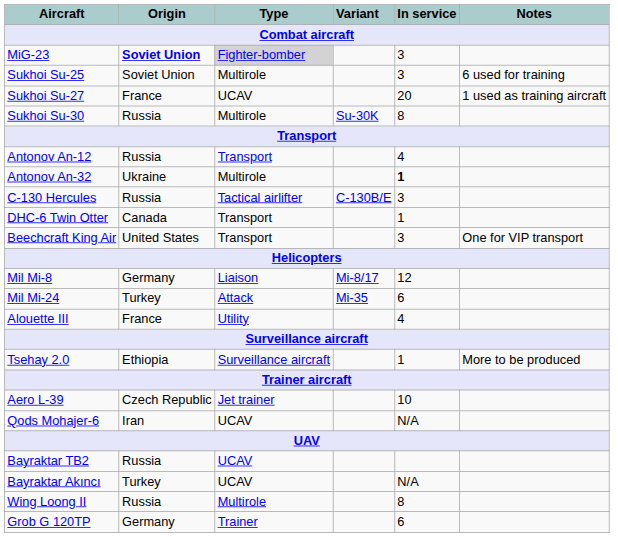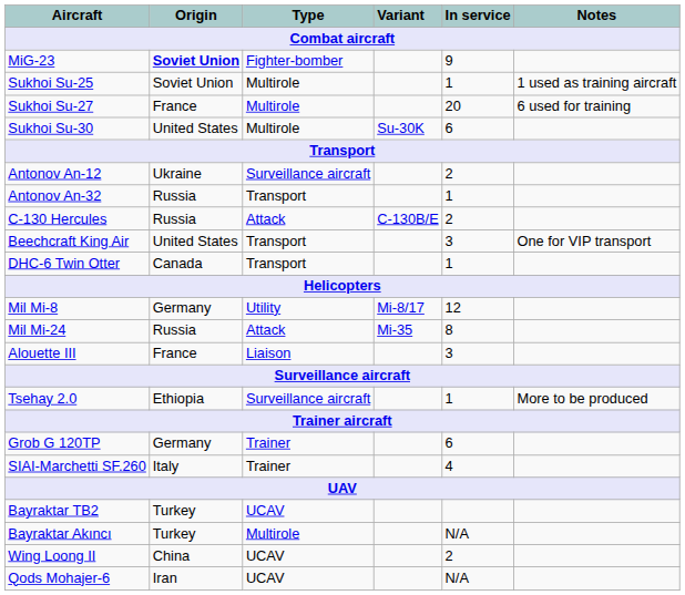 <table class="wikitable">
 <tr>
 <th style="text-align:center; background:#acc;">Aircraft</th>
 <th style="text-align: center; background:#acc;">Origin</th>
 <th style="text-align:l center; background:#acc;">Type</th>
 <th style="text-align:left; background:#acc;">Variant</th>
 <th style="text-align:center; background:#acc;">In service</th>
 <th style="text-align: center; background:#acc;">Notes</th>
 </tr>
 <tr>
 <th colspan="6" style="align: center; background: lavender;"><a href='#'>Combat aircraft</a></th>
 </tr>
 <tr>
 <td><a href='#'>MiG-23</a></td>
 <td><strong><a href='#'>Soviet Union</a></strong></td>
-<td style="background: lightgrey;"><a href='#'>Fighter-bomber</a></td>
+<td><a href='#'>Fighter-bomber</a></td>
 <td></td>
-<td>3</td>
+<td>9</td>
 <td></td>
 </tr>
 <tr>
 <td><a href='#'>Sukhoi Su-25</a></td>
 <td>Soviet Union</td>
 <td>Multirole</td>
 <td></td>
-<td>3</td>
-<td>6 used for training</td>
+<td>1</td>
+<td>1 used as training aircraft</td>
 </tr>
 <tr>
 <td><a href='#'>Sukhoi Su-27</a></td>
 <td>France</td>
-<td>UCAV</td>
+<td><a href='#'>Multirole</a></td>
 <td></td>
 <td>20</td>
-<td>1 used as training aircraft</td>
+<td>6 used for training</td>
 </tr>
 <tr>
 <td><a href='#'>Sukhoi Su-30</a></td>
-<td>Russia</td>
+<td>United States</td>
 <td>Multirole</td>
 <td><a href='#'>Su-30K</a></td>
-<td>8</td>
+<td>6</td>
 </tr>
 <tr>
 <th colspan="6" style="align: center; background: lavender;"><a href='#'>Transport</a></th>
 </tr>
 <tr>
 <td><a href='#'>Antonov An-12</a></td>
-<td>Russia</td>
-<td><a href='#'>Transport</a></td>
+<td>Ukraine</td>
+<td><a href='#'>Surveillance aircraft</a></td>
 <td></td>
-<td>4</td>
+<td>2</td>
 <td></td>
 </tr>
 <tr>
 <td><a href='#'>Antonov An-32</a></td>
-<td>Ukraine</td>
-<td>Multirole</td>
+<td>Russia</td>
+<td>Transport</td>
 <td></td>
-<td><strong>1</strong></td>
+<td>1</td>
 <td></td>
 </tr>
 <tr>
 <td><a href='#'>C-130 Hercules</a></td>
 <td>Russia</td>
-<td><a href='#'>Tactical airlifter</a></td>
+<td><a href='#'>Attack</a></td>
 <td><a href='#'>C-130B/E</a></td>
-<td>3</td>
-<td></td>
-</tr>
-<tr>
-<td><a href='#'>DHC-6 Twin Otter</a></td>
-<td>Canada</td>
-<td>Transport</td>
-<td></td>
-<td>1</td>
+<td>2</td>
 <td></td>
 </tr>
 <tr>
 <td><a href='#'>Beechcraft King Air</a></td>
 <td>United States</td>
 <td>Transport</td>
 <td></td>
 <td>3</td>
 <td>One for VIP transport</td>
 </tr>
 <tr>
+<td><a href='#'>DHC-6 Twin Otter</a></td>
+<td>Canada</td>
+<td>Transport</td>
+<td></td>
+<td>1</td>
+<td></td>
+</tr>
+<tr>
 <th colspan="6" style="align: center; background: lavender;"><a href='#'>Helicopters</a></th>
 </tr>
 <tr>
 <td><a href='#'>Mil Mi-8</a></td>
 <td>Germany</td>
-<td><a href='#'>Liaison</a></td>
+<td><a href='#'>Utility</a></td>
 <td><a href='#'>Mi-8/17</a></td>
 <td>12</td>
 <td></td>
 </tr>
 <tr>
 <td><a href='#'>Mil Mi-24</a></td>
-<td>Turkey</td>
+<td>Russia</td>
 <td><a href='#'>Attack</a></td>
 <td><a href='#'>Mi-35</a></td>
-<td>6</td>
+<td>8</td>
 <td></td>
 </tr>
 <tr>
 <td><a href='#'>Alouette III</a></td>
 <td>France</td>
-<td><a href='#'>Utility</a></td>
+<td><a href='#'>Liaison</a></td>
 <td></td>
-<td>4</td>
+<td>3</td>
 </tr>
 <tr>
 <th colspan="6" style="align: center; background: lavender;"><a href='#'>Surveillance aircraft</a></th>
 </tr>
 <tr>
 <td><a href='#'>Tsehay 2.0</a></td>
 <td>Ethiopia</td>
 <td><a href='#'>Surveillance aircraft</a></td>
 <td></td>
 <td>1</td>
 <td>More to be produced</td>
 </tr>
 <tr>
 <th colspan="6" style="align: center; background: lavender;"><a href='#'>Trainer aircraft</a></th>
 </tr>
 <tr>
-<td><a href='#'>Aero L-39</a></td>
-<td>Czech Republic</td>
-<td><a href='#'>Jet trainer</a></td>
+<td><a href='#'>Grob G 120TP</a></td>
+<td>Germany</td>
+<td><a href='#'>Trainer</a></td>
 <td></td>
-<td>10</td>
+<td>6</td>
+<td></td>
+</tr>
+<tr>
+<td><a href='#'>SIAI-Marchetti SF.260</a></td>
+<td>Italy</td>
+<td>Trainer</td>
+<td></td>
+<td>4</td>
+<td></td>
+</tr>
+<tr>
+<th colspan="6" style="align: center; background: lavender;"><a href='#'>UAV</a></th>
+</tr>
+<tr>
+<td><a href='#'>Bayraktar TB2</a></td>
+<td>Turkey</td>
+<td><a href='#'>UCAV</a></td>
+<td></td>
+<td></td>
+<td></td>
+</tr>
+<tr>
+<td><a href='#'>Bayraktar Akıncı</a></td>
+<td>Turkey</td>
+<td><a href='#'>Multirole</a></td>
+<td></td>
+<td>N/A</td>
+<td></td>
+</tr>
+<tr>
+<td><a href='#'>Wing Loong II</a></td>
+<td>China</td>
+<td>UCAV</td>
+<td></td>
+<td>2</td>
 <td></td>
 </tr>
 <tr>
 <td><a href='#'>Qods Mohajer-6</a></td>
 <td>Iran</td>
 <td>UCAV</td>
 <td></td>
 <td>N/A</td>
 <td></td>
 </tr>
-<tr>
-<th colspan="6" style="align: center; background: lavender;"><a href='#'>UAV</a></th>
-</tr>
-<tr>
-<td><a href='#'>Bayraktar TB2</a></td>
-<td>Russia</td>
-<td><a href='#'>UCAV</a></td>
-<td></td>
-<td></td>
-<td></td>
-</tr>
-<tr>
-<td><a href='#'>Bayraktar Akıncı</a></td>
-<td>Turkey</td>
-<td>UCAV</td>
-<td></td>
-<td>N/A</td>
-<td></td>
-</tr>
-<tr>
-<td><a href='#'>Wing Loong II</a></td>
-<td>Russia</td>
-<td><a href='#'>Multirole</a></td>
-<td></td>
-<td>8</td>
-<td></td>
-</tr>
-<tr>
-<td><a href='#'>Grob G 120TP</a></td>
-<td>Germany</td>
-<td><a href='#'>Trainer</a></td>
-<td></td>
-<td>6</td>
-<td></td>
-</tr>
 </table>
